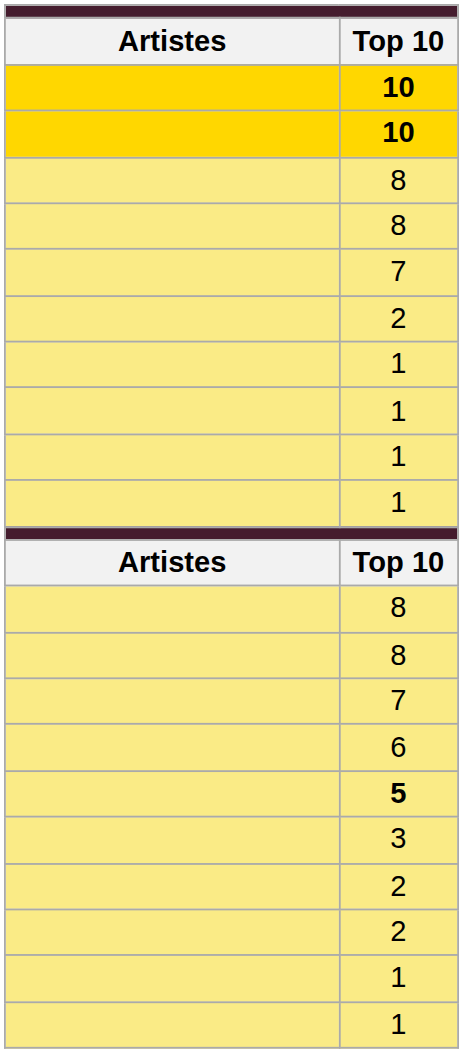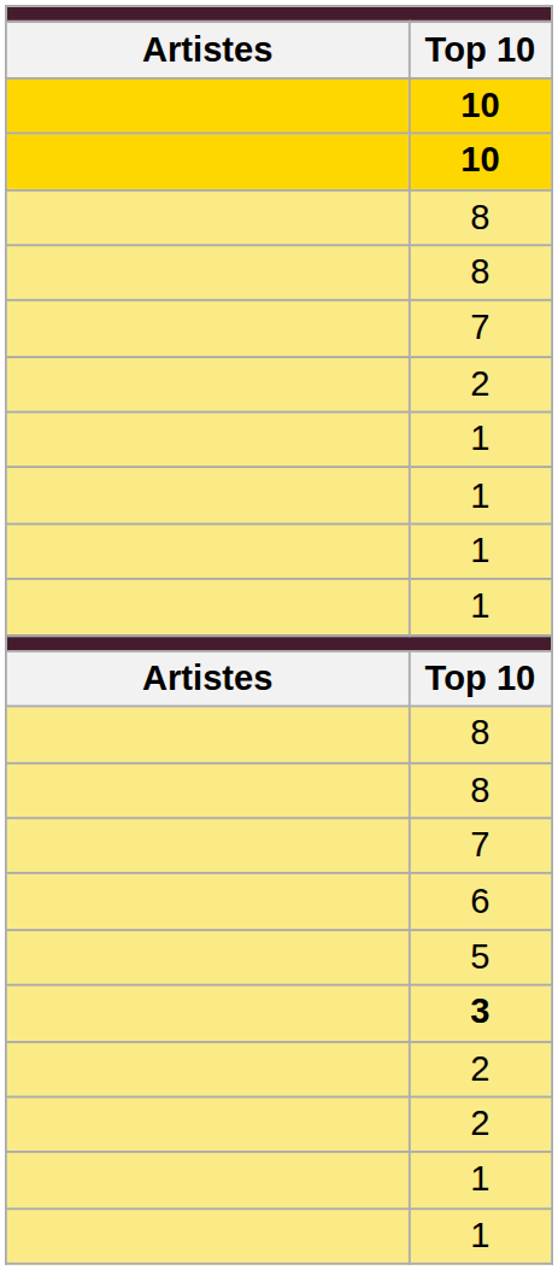 <table class="wikitable" style="width:40%">
 <tr bgcolor="#bebebe">
 <td colspan="3" data-sort-value="ω" style="background-color:#451c2e; font-weight:bold; text-align:center;"></td>
 </tr>
 <tr>
 <th width="4%">Artistes</th>
 <th width="1%">Top 10</th>
 </tr>
 <tr>
 <td bgcolor="#FFD700" align="center"><strong></strong></td>
 <td style="background:#FFD700; text-align:center;"><strong>10</strong></td>
 </tr>
 <tr>
 <td bgcolor="#FFD700" align="center"><strong></strong></td>
 <td style="background:#FFD700; text-align:center;"><strong>10</strong></td>
 </tr>
 <tr>
 <td bgcolor="#FAEB86" align="center"><strong></strong></td>
 <td style="background:#FAEB86; text-align:center;">8</td>
 </tr>
 <tr>
 <td bgcolor="#FAEB86" align="center"><strong></strong></td>
 <td style="background:#FAEB86; text-align:center;">8</td>
 </tr>
 <tr>
 <td bgcolor="#FAEB86"  align="center"><strong></strong></td>
 <td style="background:#FAEB86; text-align:center;">7</td>
 </tr>
 <tr>
 <td bgcolor="#FAEB86" align="center"><strong></strong></td>
 <td style="background:#FAEB86; text-align:center;">2</td>
 </tr>
 <tr>
 <td bgcolor="#FAEB86" align="center"></td>
 <td style="background:#FAEB86; text-align:center;">1</td>
 </tr>
 <tr>
 <td bgcolor="#FAEB86"  align="center"><strong></strong></td>
 <td style="background:#FAEB86; text-align:center;">1</td>
 </tr>
 <tr>
 <td bgcolor="#FAEB86" align="center"></td>
 <td style="background:#FAEB86; text-align:center;">1</td>
 </tr>
 <tr>
 <td bgcolor="#FAEB86" align="center"><strong></strong></td>
 <td style="background:#FAEB86; text-align:center;">1</td>
 </tr>
 <tr>
 </tr>
 <tr bgcolor="#bebebe">
 <td colspan="3" data-sort-value="ω" style="background-color:#451c2e; font-weight:bold; text-align:center;"></td>
 </tr>
 <tr>
 <th width="4%">Artistes</th>
 <th width="1%">Top 10</th>
 </tr>
 <tr>
 <td bgcolor="#FAEB86" align="center"><strong></strong></td>
 <td style="background:#FAEB86; text-align:center;">8</td>
 </tr>
 <tr>
 <td bgcolor="#FAEB86"  align="center"><strong> </strong></td>
 <td style="background:#FAEB86; text-align:center;">8</td>
 </tr>
 <tr>
 <td bgcolor="#FAEB86" a align="center"><strong></strong></td>
 <td style="background:#FAEB86; text-align:center;">7</td>
 </tr>
 <tr>
 <td bgcolor="#FAEB86" align="center"><strong></strong></td>
 <td style="background:#FAEB86; text-align:center;">6</td>
 </tr>
 <tr>
 <td bgcolor="#FAEB86" align="center"><strong></strong></td>
-<td style="background:#FAEB86; text-align:center;"><strong>5</strong></td>
+<td style="background:#FAEB86; text-align:center;">5</td>
 </tr>
 <tr>
 <td bgcolor="#FAEB86" align="center"><strong></strong></td>
-<td style="background:#FAEB86; text-align:center;">3</td>
+<td style="background:#FAEB86; text-align:center;"><strong>3</strong></td>
 </tr>
 <tr>
 <td bgcolor="#FAEB86" align="center"><strong></strong></td>
 <td style="background:#FAEB86; text-align:center;">2</td>
 </tr>
 <tr>
 <td bgcolor="#FAEB86" align="center"><strong> </strong></td>
 <td style="background:#FAEB86; text-align:center;">2</td>
 </tr>
 <tr>
 <td bgcolor="#FAEB86" align="center"><strong></strong></td>
 <td style="background:#FAEB86; text-align:center;">1</td>
 </tr>
 <tr>
 <td bgcolor="#FAEB86" align="center"><strong></strong></td>
 <td style="background:#FAEB86; text-align:center;">1</td>
 </tr>
 </table>
